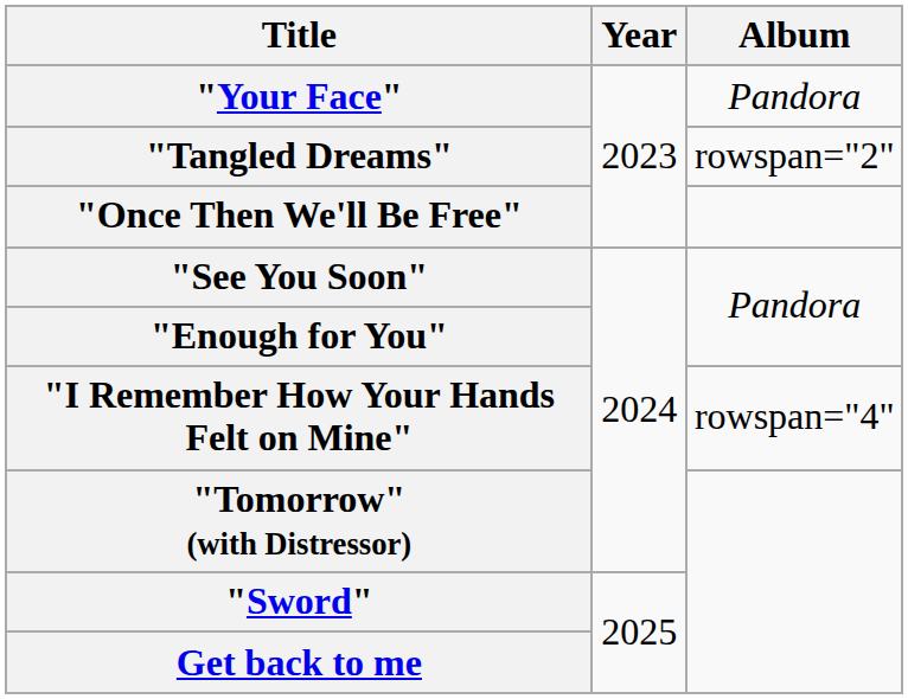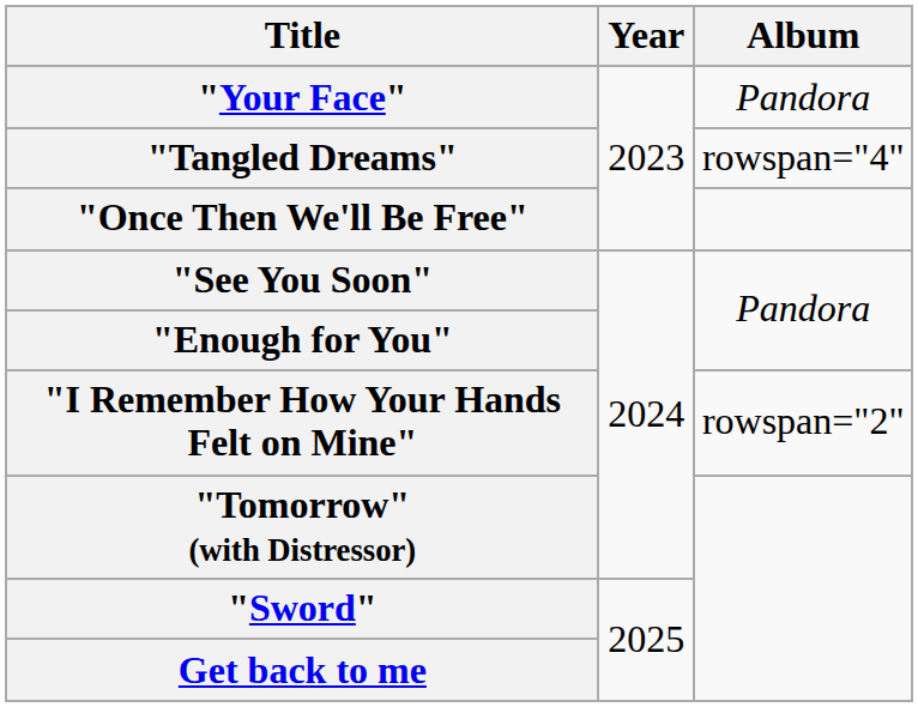 <table class="wikitable sortable mw-collapsible plainrowheaders" style="text-align:center;">
 <tr>
 <th scope="col" style="width:15em;">Title</th>
 <th scope="col">Year</th>
 <th scope="col">Album</th>
 </tr>
 <tr>
 <th scope="row">"<a href='#'>Your Face</a>"</th>
 <td rowspan="3">2023</td>
 <td><em>Pandora</em></td>
 </tr>
 <tr>
 <th scope="row">"Tangled Dreams"</th>
-<td>rowspan="2" </td>
+<td>rowspan="4" </td>
 </tr>
 <tr>
 <th scope="row">"Once Then We'll Be Free"</th>
 </tr>
 <tr>
 <th scope="row">"See You Soon"</th>
 <td rowspan="4">2024</td>
 <td rowspan="2"><em>Pandora</em></td>
 </tr>
 <tr>
 <th scope="row">"Enough for You"</th>
 </tr>
 <tr>
 <th scope="row">"I Remember How Your Hands Felt on Mine"</th>
-<td>rowspan="4" </td>
+<td>rowspan="2" </td>
 </tr>
 <tr>
 <th scope="row">"Tomorrow"<br><small>(with Distressor)</small></th>
 </tr>
 <tr>
 <th scope="row">"<a href='#'>Sword</a>"</th>
 <td rowspan="2">2025</td>
 </tr>
 <tr>
 <th scope="row"><a href='#'>Get back to me</a></th>
 </tr>
 </table>
